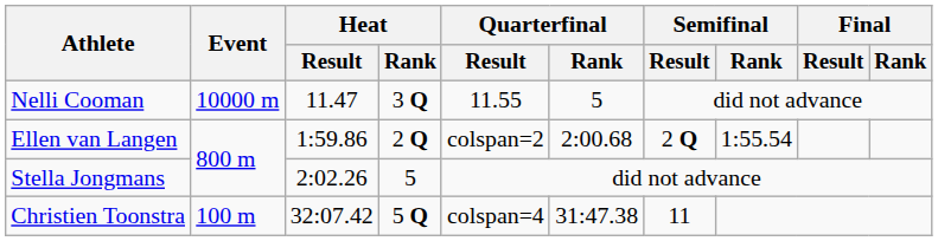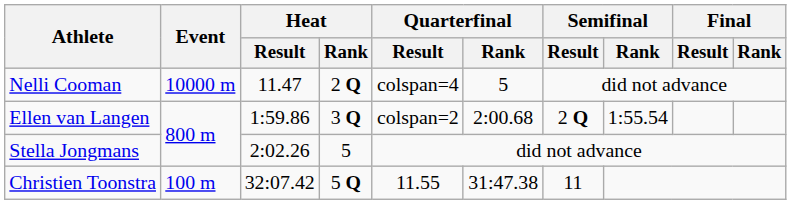 <table class="wikitable" style="font-size:90%">
 <tr>
 <th rowspan="2">Athlete</th>
 <th rowspan="2">Event</th>
 <th colspan="2">Heat</th>
 <th colspan="2">Quarterfinal</th>
 <th colspan="2">Semifinal</th>
 <th colspan="2">Final</th>
 </tr>
 <tr style="font-size:95%">
 <th>Result</th>
 <th>Rank</th>
 <th>Result</th>
 <th>Rank</th>
 <th>Result</th>
 <th>Rank</th>
 <th>Result</th>
 <th>Rank</th>
 </tr>
 <tr align=center>
 <td align=left><a href='#'>Nelli Cooman</a></td>
 <td align=left><a href='#'>10000 m</a></td>
 <td>11.47</td>
-<td>3 <strong>Q</strong></td>
-<td>11.55</td>
+<td>2 <strong>Q</strong></td>
+<td>colspan=4 </td>
 <td>5</td>
 <td colspan=4>did not advance</td>
 </tr>
 <tr align=center>
 <td align=left><a href='#'>Ellen van Langen</a></td>
 <td align=left rowspan=2><a href='#'>800 m</a></td>
 <td>1:59.86</td>
-<td>2 <strong>Q</strong></td>
+<td>3 <strong>Q</strong></td>
 <td>colspan=2 </td>
 <td>2:00.68</td>
 <td>2 <strong>Q</strong></td>
 <td>1:55.54</td>
 <td></td>
 </tr>
 <tr align=center>
 <td align=left><a href='#'>Stella Jongmans</a></td>
 <td>2:02.26</td>
 <td>5</td>
 <td colspan=6>did not advance</td>
 </tr>
 <tr align=center>
 <td align=left><a href='#'>Christien Toonstra</a></td>
 <td align=left><a href='#'>100 m</a></td>
 <td>32:07.42</td>
 <td>5 <strong>Q</strong></td>
-<td>colspan=4 </td>
+<td>11.55</td>
 <td>31:47.38</td>
 <td>11</td>
 </tr>
 </table>
